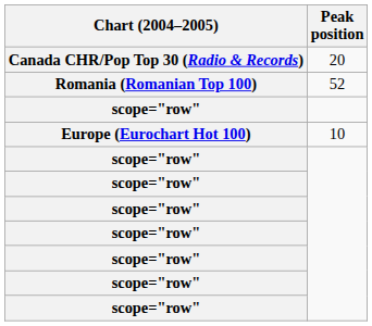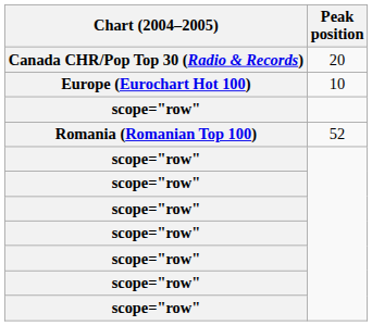 <table class="wikitable sortable plainrowheaders" style="text-align:center">
 <tr>
 <th scope="col">Chart (2004–2005)</th>
 <th scope="col">Peak<br>position</th>
 </tr>
 <tr>
 <th scope="row">Canada CHR/Pop Top 30 (<em><a href='#'>Radio & Records</a></em>)</th>
 <td>20</td>
 </tr>
 <tr>
-<th scope="row">Romania (<a href='#'>Romanian Top 100</a>)</th>
-<td>52</td>
+<th scope="row">Europe (<a href='#'>Eurochart Hot 100</a>)</th>
+<td>10</td>
 </tr>
 <tr>
 <th>scope="row"</th>
 </tr>
 <tr>
-<th scope="row">Europe (<a href='#'>Eurochart Hot 100</a>)</th>
-<td>10</td>
+<th scope="row">Romania (<a href='#'>Romanian Top 100</a>)</th>
+<td>52</td>
 </tr>
 <tr>
 <th>scope="row"</th>
 </tr>
 <tr>
 <th>scope="row"</th>
 </tr>
 <tr>
 <th>scope="row"</th>
 </tr>
 <tr>
 <th>scope="row"</th>
 </tr>
 <tr>
 <th>scope="row"</th>
 </tr>
 <tr>
 <th>scope="row"</th>
 </tr>
 <tr>
 <th>scope="row"</th>
 </tr>
 </table>
